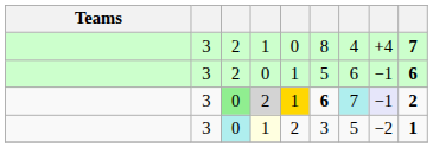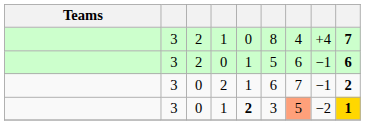 <table class="wikitable" style="text-align: center;">
 <tr>
 <th width=165>Teams</th>
 <th width=20></th>
 <th width=20></th>
 <th width=20></th>
 <th width=20></th>
 <th width=20></th>
 <th width=20></th>
 <th width=20></th>
 <th width=20></th>
 </tr>
 <tr style="background:#ccffcc;">
 <td style="text-align:left;"></td>
 <td>3</td>
 <td>2</td>
 <td>1</td>
 <td>0</td>
 <td>8</td>
 <td>4</td>
 <td>+4</td>
 <td><strong>7</strong></td>
 </tr>
 <tr style="background:#ccffcc;">
 <td style="text-align:left;"></td>
 <td>3</td>
 <td>2</td>
 <td>0</td>
 <td>1</td>
 <td>5</td>
 <td>6</td>
 <td>−1</td>
 <td><strong>6</strong></td>
 </tr>
 <tr>
 <td style="text-align:left;"></td>
 <td>3</td>
-<td style="background: lightgreen;">0</td>
-<td style="background: lightgrey;">2</td>
-<td style="background: gold;">1</td>
-<td><strong>6</strong></td>
-<td style="background: paleturquoise;">7</td>
-<td style="background: lavender;">−1</td>
+<td>0</td>
+<td>2</td>
+<td>1</td>
+<td>6</td>
+<td>7</td>
+<td>−1</td>
 <td><strong>2</strong></td>
 </tr>
 <tr>
 <td style="text-align:left;"></td>
 <td>3</td>
-<td style="background: paleturquoise;">0</td>
-<td style="background: lightyellow;">1</td>
-<td>2</td>
+<td>0</td>
+<td>1</td>
+<td><strong>2</strong></td>
 <td>3</td>
-<td>5</td>
+<td style="background: lightsalmon;">5</td>
 <td>−2</td>
-<td><strong>1</strong></td>
+<td style="background: gold;"><strong>1</strong></td>
 </tr>
 <tr>
 </tr>
 </table>
